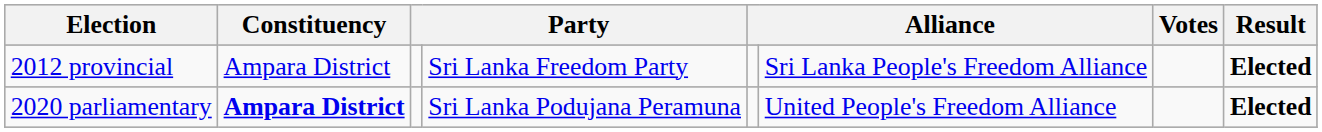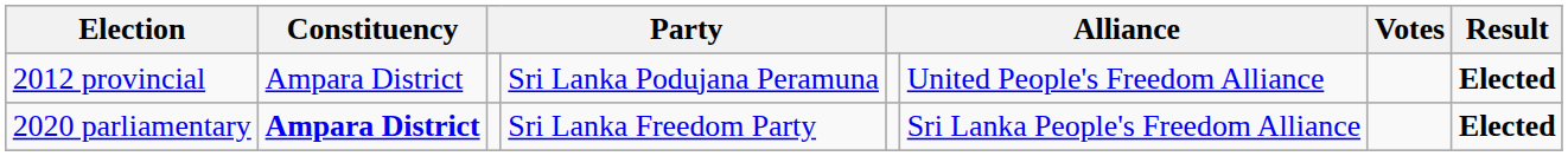 <table class="wikitable" style="text-align:left;">
 <tr>
 <th scope=col>Election</th>
 <th scope=col>Constituency</th>
 <th scope=col colspan="2">Party</th>
 <th scope=col colspan="2">Alliance</th>
 <th scope=col>Votes</th>
 <th scope=col>Result</th>
 </tr>
 <tr>
 <td><a href='#'>2012 provincial</a></td>
 <td><a href='#'>Ampara District</a></td>
 <td style="background:"></td>
-<td><a href='#'>Sri Lanka Freedom Party</a></td>
+<td><a href='#'>Sri Lanka Podujana Peramuna</a></td>
 <td style="background:"></td>
-<td><a href='#'>Sri Lanka People's Freedom Alliance</a></td>
+<td><a href='#'>United People's Freedom Alliance</a></td>
 <td align=right></td>
 <td><strong>Elected</strong></td>
 </tr>
 <tr>
 <td><a href='#'>2020 parliamentary</a></td>
 <td><strong><a href='#'>Ampara District</a></strong></td>
 <td style="background:"></td>
-<td><a href='#'>Sri Lanka Podujana Peramuna</a></td>
+<td><a href='#'>Sri Lanka Freedom Party</a></td>
 <td style="background:"></td>
-<td><a href='#'>United People's Freedom Alliance</a></td>
+<td><a href='#'>Sri Lanka People's Freedom Alliance</a></td>
 <td align=right></td>
 <td><strong>Elected</strong></td>
 </tr>
 </table>
